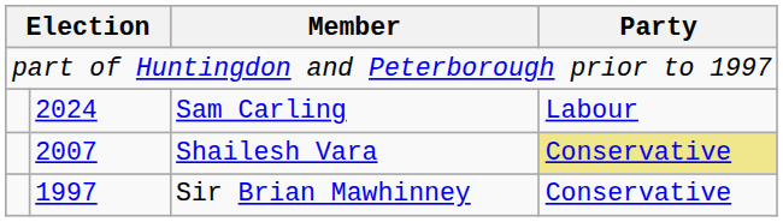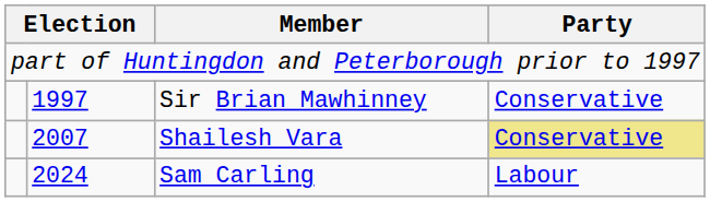 <table class="wikitable">
 <tr>
 <th colspan="2">Election</th>
 <th>Member</th>
 <th>Party</th>
 </tr>
 <tr>
 <td colspan="4" align="center"><em>part of <a href='#'>Huntingdon</a> and <a href='#'>Peterborough</a> prior to 1997</em></td>
 </tr>
 <tr>
 <td style="color:inherit;background-color: "></td>
-<td><a href='#'>2024</a></td>
-<td><a href='#'>Sam Carling</a></td>
-<td><a href='#'>Labour</a></td>
+<td><a href='#'>1997</a></td>
+<td>Sir <a href='#'>Brian Mawhinney</a></td>
+<td><a href='#'>Conservative</a></td>
 </tr>
 <tr>
 <td style="color:inherit;background-color: "></td>
 <td><a href='#'>2007</a></td>
 <td><a href='#'>Shailesh Vara</a></td>
 <td style="background: khaki;"><a href='#'>Conservative</a></td>
 </tr>
 <tr>
 <td style="color:inherit;background-color: "></td>
-<td><a href='#'>1997</a></td>
-<td>Sir <a href='#'>Brian Mawhinney</a></td>
-<td><a href='#'>Conservative</a></td>
+<td><a href='#'>2024</a></td>
+<td><a href='#'>Sam Carling</a></td>
+<td><a href='#'>Labour</a></td>
 </tr>
 </table>
